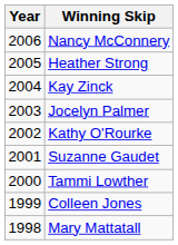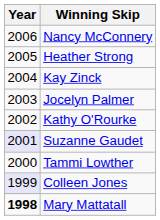 <table class="wikitable">
 <tr>
 <th>Year</th>
 <th>Winning Skip</th>
 </tr>
 <tr>
 <td>2006</td>
 <td><a href='#'>Nancy McConnery</a></td>
 </tr>
 <tr>
 <td>2005</td>
 <td><a href='#'>Heather Strong</a></td>
 </tr>
 <tr>
 <td>2004</td>
 <td><a href='#'>Kay Zinck</a></td>
 </tr>
 <tr>
 <td>2003</td>
 <td><a href='#'>Jocelyn Palmer</a></td>
 </tr>
 <tr>
 <td>2002</td>
 <td><a href='#'>Kathy O'Rourke</a></td>
 </tr>
 <tr>
-<td>2001</td>
+<td style="background: lavender;">2001</td>
 <td><a href='#'>Suzanne Gaudet</a></td>
 </tr>
 <tr>
 <td>2000</td>
 <td><a href='#'>Tammi Lowther</a></td>
 </tr>
 <tr>
-<td>1999</td>
+<td style="background: lavender;">1999</td>
 <td><a href='#'>Colleen Jones</a></td>
 </tr>
 <tr>
-<td>1998</td>
+<td><strong>1998</strong></td>
 <td><a href='#'>Mary Mattatall</a></td>
 </tr>
 </table>
